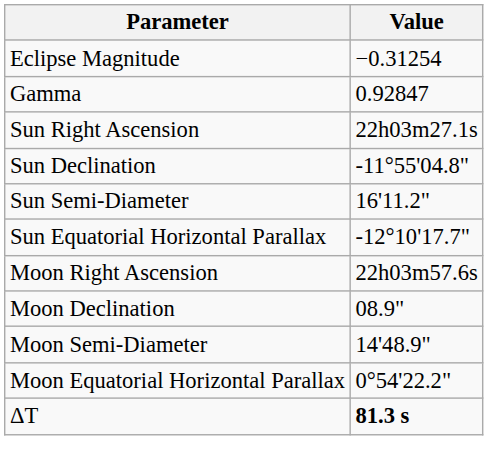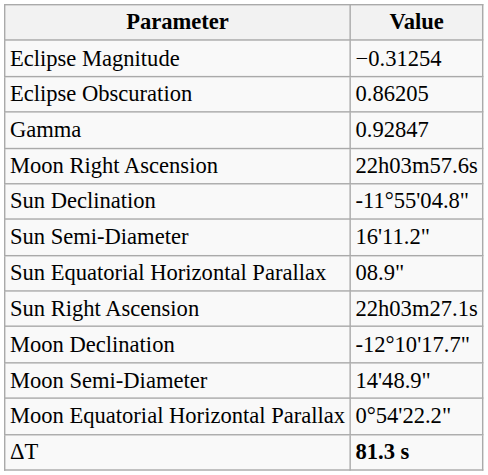 <table class="wikitable">
 <tr>
 <th>Parameter</th>
 <th>Value</th>
 </tr>
 <tr>
 <td>Eclipse Magnitude</td>
 <td>−0.31254</td>
 </tr>
 <tr>
+<td>Eclipse Obscuration</td>
+<td>0.86205</td>
+</tr>
+<tr>
 <td>Gamma</td>
 <td>0.92847</td>
 </tr>
 <tr>
-<td>Sun Right Ascension</td>
-<td>22h03m27.1s</td>
+<td>Moon Right Ascension</td>
+<td>22h03m57.6s</td>
 </tr>
 <tr>
 <td>Sun Declination</td>
 <td>-11°55'04.8"</td>
 </tr>
 <tr>
 <td>Sun Semi-Diameter</td>
 <td>16'11.2"</td>
 </tr>
 <tr>
 <td>Sun Equatorial Horizontal Parallax</td>
-<td>-12°10'17.7"</td>
+<td>08.9"</td>
 </tr>
 <tr>
-<td>Moon Right Ascension</td>
-<td>22h03m57.6s</td>
+<td>Sun Right Ascension</td>
+<td>22h03m27.1s</td>
 </tr>
 <tr>
 <td>Moon Declination</td>
-<td>08.9"</td>
+<td>-12°10'17.7"</td>
 </tr>
 <tr>
 <td>Moon Semi-Diameter</td>
 <td>14'48.9"</td>
 </tr>
 <tr>
 <td>Moon Equatorial Horizontal Parallax</td>
 <td>0°54'22.2"</td>
 </tr>
 <tr>
 <td>ΔT</td>
 <td><strong>81.3 s</strong></td>
 </tr>
 </table>
